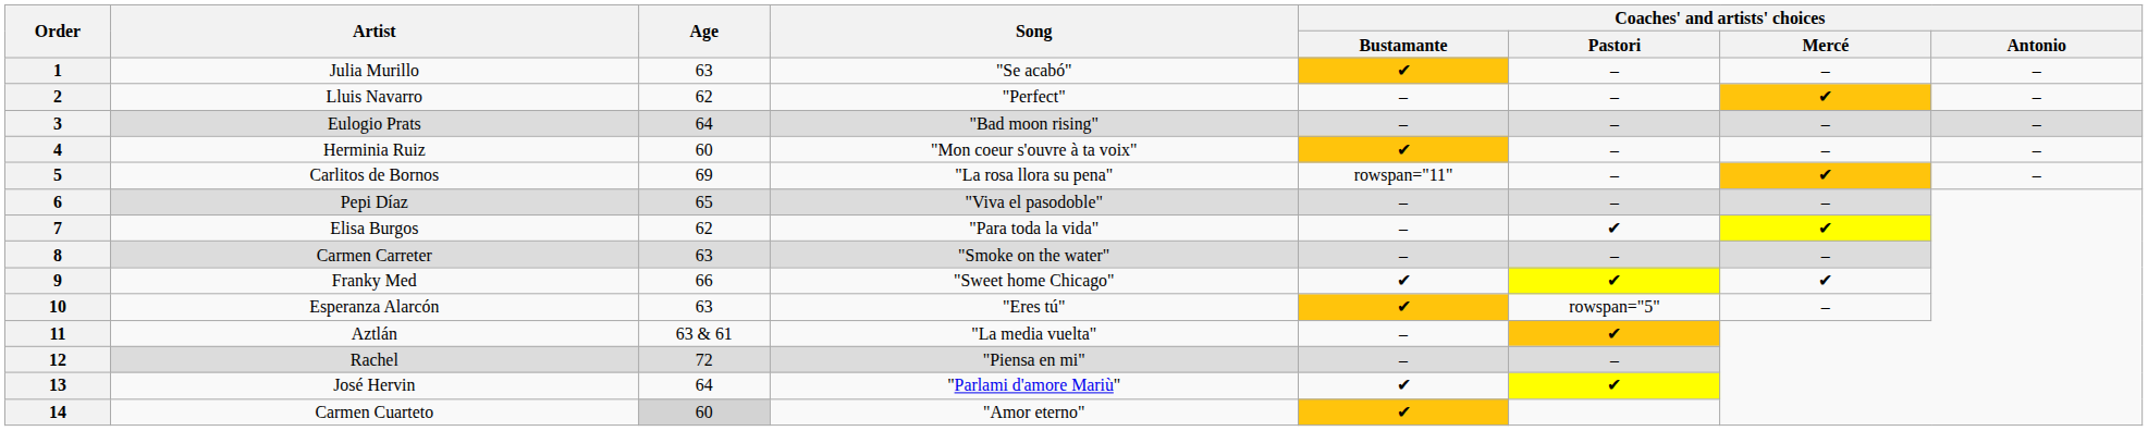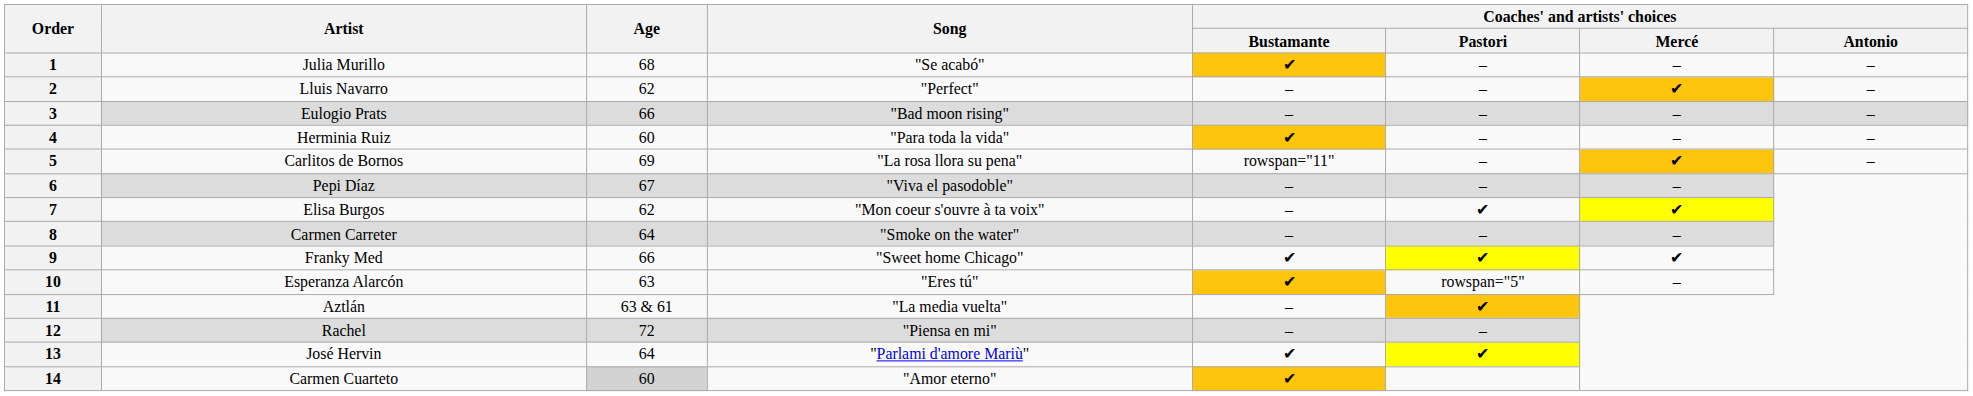 <table class="wikitable" style="text-align:center; line-height:17px; width:100%">
 <tr>
 <th rowspan="2" width="04%" scope="col">Order</th>
 <th rowspan="2" width="20%" scope="col">Artist</th>
 <th rowspan="2" width="05%" scope="col">Age</th>
 <th rowspan="2" width="20%" scope="col">Song</th>
 <th colspan="4" width="28%" scope="col">Coaches' and artists' choices</th>
 </tr>
 <tr>
 <th style="width:08%">Bustamante</th>
 <th style="width:08%">Pastori</th>
 <th style="width:08%">Mercé</th>
 <th style="width:08%">Antonio</th>
 </tr>
 <tr>
 <th>1</th>
 <td>Julia Murillo</td>
-<td>63</td>
+<td>68</td>
 <td>"Se acabó"</td>
 <td style="background:#ffc40c">✔</td>
 <td>–</td>
 <td>–</td>
 <td>–</td>
 </tr>
 <tr>
 <th>2</th>
 <td>Lluis Navarro</td>
 <td>62</td>
 <td>"Perfect"</td>
 <td>–</td>
 <td>–</td>
 <td style="background:#ffc40c">✔</td>
 <td>–</td>
 </tr>
 <tr bgcolor="#dcdcdc">
 <th>3</th>
 <td>Eulogio Prats</td>
-<td>64</td>
+<td>66</td>
 <td>"Bad moon rising"</td>
 <td>–</td>
 <td>–</td>
 <td>–</td>
 <td>–</td>
 </tr>
 <tr>
 <th>4</th>
 <td>Herminia Ruiz</td>
 <td>60</td>
-<td>"Mon coeur s'ouvre à ta voix"</td>
+<td>"Para toda la vida"</td>
 <td style="background:#ffc40c">✔</td>
 <td>–</td>
 <td>–</td>
 <td>–</td>
 </tr>
 <tr>
 <th>5</th>
 <td>Carlitos de Bornos</td>
 <td>69</td>
 <td>"La rosa llora su pena"</td>
 <td>rowspan="11" </td>
 <td>–</td>
 <td style="background:#ffc40c">✔</td>
 <td>–</td>
 </tr>
 <tr bgcolor="#dcdcdc">
 <th>6</th>
 <td>Pepi Díaz</td>
-<td>65</td>
+<td>67</td>
 <td>"Viva el pasodoble"</td>
 <td>–</td>
 <td>–</td>
 <td>–</td>
 </tr>
 <tr>
 <th>7</th>
 <td>Elisa Burgos</td>
 <td>62</td>
-<td>"Para toda la vida"</td>
+<td>"Mon coeur s'ouvre à ta voix"</td>
 <td>–</td>
 <td>✔</td>
 <td style="background:yellow">✔</td>
 </tr>
 <tr bgcolor="#dcdcdc">
 <th>8</th>
 <td>Carmen Carreter</td>
-<td>63</td>
+<td>64</td>
 <td>"Smoke on the water"</td>
 <td>–</td>
 <td>–</td>
 <td>–</td>
 </tr>
 <tr>
 <th>9</th>
 <td>Franky Med</td>
 <td>66</td>
 <td>"Sweet home Chicago"</td>
 <td>✔</td>
 <td style="background:yellow">✔</td>
 <td>✔</td>
 </tr>
 <tr>
 <th>10</th>
 <td>Esperanza Alarcón</td>
 <td>63</td>
 <td>"Eres tú"</td>
 <td style="background:#ffc40c">✔</td>
 <td>rowspan="5" </td>
 <td>–</td>
 </tr>
 <tr>
 <th>11</th>
 <td>Aztlán</td>
 <td>63 & 61</td>
 <td>"La media vuelta"</td>
 <td>–</td>
 <td style="background:#ffc40c">✔</td>
 </tr>
 <tr bgcolor="#dcdcdc">
 <th>12</th>
 <td>Rachel</td>
 <td>72</td>
 <td>"Piensa en mi"</td>
 <td>–</td>
 <td>–</td>
 </tr>
 <tr>
 <th>13</th>
 <td>José Hervin</td>
 <td>64</td>
 <td>"<a href='#'>Parlami d'amore Mariù</a>"</td>
 <td>✔</td>
 <td style="background:yellow">✔</td>
 </tr>
 <tr>
 <th>14</th>
 <td>Carmen Cuarteto</td>
 <td style="background: lightgrey;">60</td>
 <td>"Amor eterno"</td>
 <td style="background:#ffc40c">✔</td>
 <td></td>
 </tr>
 </table>
